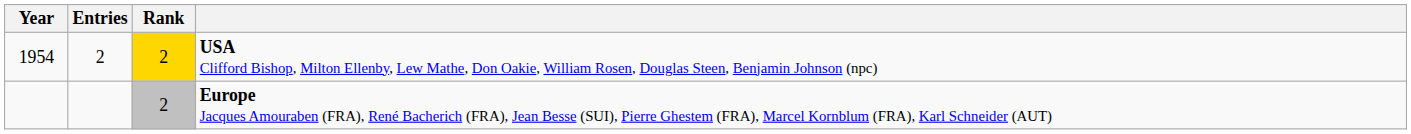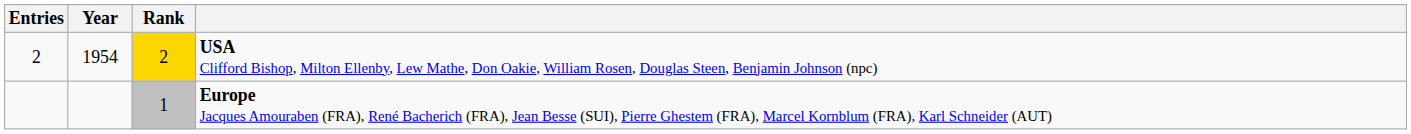 <table class="wikitable" style="width:100%; text-align:center;">
 <tr>
+<th>Entries</th>
 <th>Year</th>
-<th>Entries</th>
 <th>Rank</th>
 <th></th>
 </tr>
 <tr>
+<td align=center width=50>2</td>
 <td width=50>1954</td>
-<td align=center width=50>2</td>
 <td style="background:gold; width:50px;">2</td>
 <td align=left> <strong>USA</strong><br><small><a href='#'>Clifford Bishop</a>, <a href='#'>Milton Ellenby</a>, <a href='#'>Lew Mathe</a>, <a href='#'>Don Oakie</a>, <a href='#'>William Rosen</a>, <a href='#'>Douglas Steen</a>, <a href='#'>Benjamin Johnson</a> (npc)</small></td>
 </tr>
 <tr>
 <td></td>
 <td></td>
-<td style="background:silver;">2</td>
+<td style="background:silver;">1</td>
 <td align=left>   <strong>Europe</strong><br><small><a href='#'>Jacques Amouraben</a> (FRA), <a href='#'>René Bacherich</a> (FRA), <a href='#'>Jean Besse</a> (SUI), <a href='#'>Pierre Ghestem</a> (FRA), <a href='#'>Marcel Kornblum</a> (FRA), <a href='#'>Karl Schneider</a> (AUT)</small></td>
 </tr>
 </table>
